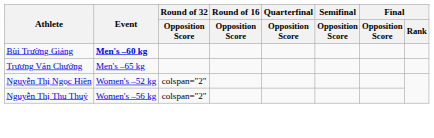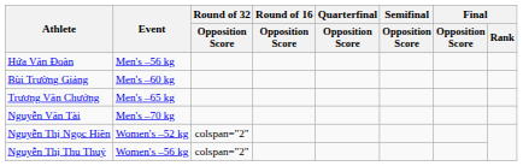 <table class=wikitable style=font-size:90%;text-align:center>
 <tr>
 <th rowspan=2>Athlete</th>
 <th rowspan=2>Event</th>
 <th>Round of 32</th>
 <th>Round of 16</th>
 <th>Quarterfinal</th>
 <th>Semifinal</th>
 <th colspan=2>Final</th>
 </tr>
 <tr style=font-size:95%>
 <th>Opposition<br>Score</th>
 <th>Opposition<br>Score</th>
 <th>Opposition<br>Score</th>
 <th>Opposition<br>Score</th>
 <th>Opposition<br>Score</th>
 <th>Rank</th>
 </tr>
 <tr>
+<td align=left><a href='#'>Hứa Văn Đoàn</a></td>
+<td align=left><a href='#'>Men's –56 kg</a></td>
+<td></td>
+<td></td>
+<td></td>
+<td></td>
+<td></td>
+<td></td>
+</tr>
+<tr>
 <td align=left><a href='#'>Bùi Trường Giảng</a></td>
-<td align=left><strong><a href='#'>Men's –60 kg</a></strong></td>
+<td align=left><a href='#'>Men's –60 kg</a></td>
 <td></td>
 <td></td>
 <td></td>
 <td></td>
 <td></td>
 <td></td>
 </tr>
 <tr>
 <td align=left><a href='#'>Trương Văn Chưởng</a></td>
 <td align=left><a href='#'>Men's –65 kg</a></td>
+<td></td>
+<td></td>
+<td></td>
+<td></td>
+<td></td>
+<td></td>
+</tr>
+<tr>
+<td align=left><a href='#'>Nguyễn Văn Tài</a></td>
+<td align=left><a href='#'>Men's –70 kg</a></td>
 <td></td>
 <td></td>
 <td></td>
 <td></td>
 <td></td>
 <td></td>
 </tr>
 <tr>
 <td align=left><a href='#'>Nguyễn Thị Ngọc Hiền</a></td>
 <td align=left><a href='#'>Women's –52 kg</a></td>
 <td>colspan="2" </td>
 <td></td>
 <td></td>
 <td></td>
 <td></td>
 </tr>
 <tr>
 <td align=left><a href='#'>Nguyễn Thị Thu Thuỷ</a></td>
 <td align=left><a href='#'>Women's –56 kg</a></td>
 <td>colspan="2" </td>
 <td></td>
 <td></td>
 <td></td>
 <td></td>
 </tr>
 </table>
